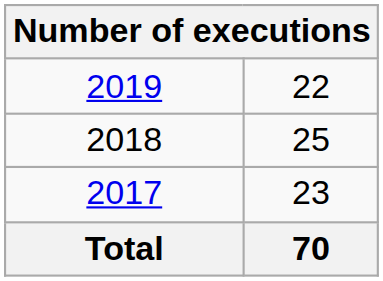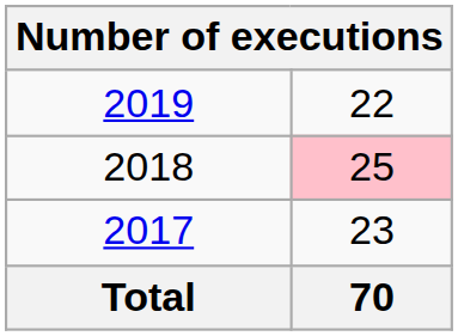 <table class="wikitable" style="text-align:center;">
 <tr>
 <th ! colspan="2">Number of executions</th>
 </tr>
 <tr>
 <td><a href='#'>2019</a></td>
 <td>22</td>
 </tr>
 <tr>
 <td>2018</td>
-<td>25</td>
+<td style="background: pink;">25</td>
 </tr>
 <tr>
 <td><a href='#'>2017</a></td>
 <td>23</td>
 </tr>
 <tr>
 <th>Total</th>
 <th>70</th>
 </tr>
 </table>
